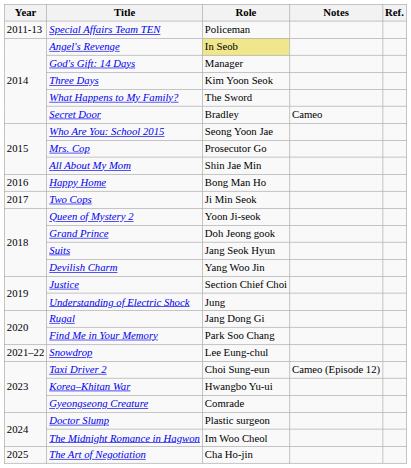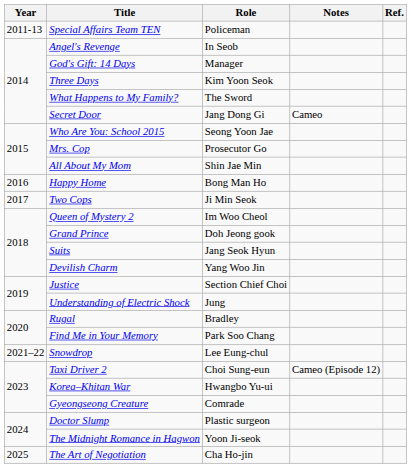 <table class="wikitable">
 <tr>
 <th>Year</th>
 <th>Title</th>
 <th>Role</th>
 <th>Notes</th>
 <th>Ref.</th>
 </tr>
 <tr>
 <td>2011-13</td>
 <td><em><a href='#'>Special Affairs Team TEN</a></em></td>
 <td>Policeman</td>
 <td></td>
 <td></td>
 </tr>
 <tr>
 <td rowspan="5">2014</td>
 <td><em><a href='#'>Angel's Revenge</a></em></td>
-<td style="background: khaki;">In Seob</td>
+<td>In Seob</td>
 <td></td>
 <td></td>
 </tr>
 <tr>
 <td><em><a href='#'>God's Gift: 14 Days</a></em></td>
 <td>Manager</td>
 <td></td>
 <td></td>
 </tr>
 <tr>
 <td><em><a href='#'>Three Days</a></em></td>
 <td>Kim Yoon Seok</td>
 <td></td>
 <td></td>
 </tr>
 <tr>
 <td><em><a href='#'>What Happens to My Family?</a></em></td>
 <td>The Sword</td>
 <td></td>
 <td></td>
 </tr>
 <tr>
 <td><em><a href='#'>Secret Door</a></em></td>
-<td>Bradley</td>
+<td>Jang Dong Gi</td>
 <td>Cameo</td>
 <td></td>
 </tr>
 <tr>
 <td rowspan="3">2015</td>
 <td><em><a href='#'>Who Are You: School 2015</a></em></td>
 <td>Seong Yoon Jae</td>
 <td></td>
 <td></td>
 </tr>
 <tr>
 <td><em><a href='#'>Mrs. Cop</a></em></td>
 <td>Prosecutor Go</td>
 <td></td>
 <td></td>
 </tr>
 <tr>
 <td><em><a href='#'>All About My Mom</a></em></td>
 <td>Shin Jae Min</td>
 <td></td>
 <td></td>
 </tr>
 <tr>
 <td>2016</td>
 <td><em><a href='#'>Happy Home</a></em></td>
 <td>Bong Man Ho</td>
 <td></td>
 <td></td>
 </tr>
 <tr>
 <td>2017</td>
 <td><em><a href='#'>Two Cops</a></em></td>
 <td>Ji Min Seok</td>
 <td></td>
 <td></td>
 </tr>
 <tr>
 <td rowspan="4">2018</td>
 <td><em><a href='#'>Queen of Mystery 2</a></em></td>
-<td>Yoon Ji-seok</td>
+<td>Im Woo Cheol</td>
 <td></td>
 <td></td>
 </tr>
 <tr>
 <td><em><a href='#'>Grand Prince</a></em></td>
 <td>Doh Jeong gook</td>
 <td></td>
 <td></td>
 </tr>
 <tr>
 <td><em><a href='#'>Suits</a></em></td>
 <td>Jang Seok Hyun</td>
 <td></td>
 <td></td>
 </tr>
 <tr>
 <td><em><a href='#'>Devilish Charm</a></em></td>
 <td>Yang Woo Jin</td>
 <td></td>
 <td></td>
 </tr>
 <tr>
 <td rowspan="2">2019</td>
 <td><em><a href='#'>Justice</a></em></td>
 <td>Section Chief Choi</td>
 <td></td>
 <td></td>
 </tr>
 <tr>
 <td><em><a href='#'>Understanding of Electric Shock</a></em></td>
 <td>Jung</td>
 <td></td>
 <td></td>
 </tr>
 <tr>
 <td rowspan="2">2020</td>
 <td><em><a href='#'>Rugal</a></em></td>
-<td>Jang Dong Gi</td>
+<td>Bradley</td>
 <td></td>
 <td></td>
 </tr>
 <tr>
 <td><em><a href='#'>Find Me in Your Memory</a></em></td>
 <td>Park Soo Chang</td>
 <td></td>
 <td></td>
 </tr>
 <tr>
 <td>2021–22</td>
 <td><em><a href='#'>Snowdrop</a></em></td>
 <td>Lee Eung-chul</td>
 <td></td>
 <td></td>
 </tr>
 <tr>
 <td rowspan="3">2023</td>
 <td><em><a href='#'>Taxi Driver 2</a></em></td>
 <td>Choi Sung-eun</td>
 <td>Cameo (Episode 12)</td>
 <td></td>
 </tr>
 <tr>
 <td><em><a href='#'>Korea–Khitan War</a></em></td>
 <td>Hwangbo Yu-ui</td>
 <td></td>
 <td></td>
 </tr>
 <tr>
 <td><em><a href='#'>Gyeongseong Creature</a></em></td>
 <td>Comrade</td>
 <td></td>
 </tr>
 <tr>
 <td rowspan="2">2024</td>
 <td><em><a href='#'>Doctor Slump</a></em></td>
 <td>Plastic surgeon</td>
 <td></td>
 <td></td>
 </tr>
 <tr>
 <td><em><a href='#'>The Midnight Romance in Hagwon</a></em></td>
-<td>Im Woo Cheol</td>
+<td>Yoon Ji-seok</td>
 <td></td>
 <td></td>
 </tr>
 <tr>
 <td>2025</td>
 <td><em><a href='#'>The Art of Negotiation</a></em></td>
 <td>Cha Ho-jin</td>
 <td></td>
 <td></td>
 </tr>
 </table>
